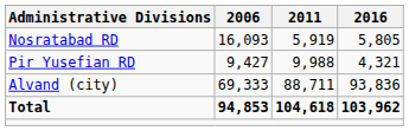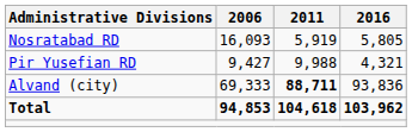 <table class="wikitable">
 <tr>
 <th>Administrative Divisions</th>
 <th>2006</th>
 <th>2011</th>
 <th>2016</th>
 </tr>
 <tr>
 <td><a href='#'>Nosratabad RD</a></td>
 <td style="text-align: right;">16,093</td>
 <td style="text-align: right;">5,919</td>
 <td style="text-align: right;">5,805</td>
 </tr>
 <tr>
 <td><a href='#'>Pir Yusefian RD</a></td>
 <td style="text-align: right;">9,427</td>
 <td style="text-align: right;">9,988</td>
 <td style="text-align: right;">4,321</td>
 </tr>
 <tr>
 <td><a href='#'>Alvand</a> (city)</td>
 <td style="text-align: right;">69,333</td>
-<td style="text-align: right;">88,711</td>
+<td style="text-align: right;"><strong>88,711</strong></td>
 <td style="text-align: right;">93,836</td>
 </tr>
 <tr>
 <td><strong>Total</strong></td>
 <td style="text-align: right;"><strong>94,853</strong></td>
 <td style="text-align: right;"><strong>104,618</strong></td>
 <td style="text-align: right;"><strong>103,962</strong></td>
 </tr>
 <tr>
 <td colspan=4></td>
 </tr>
 </table>
